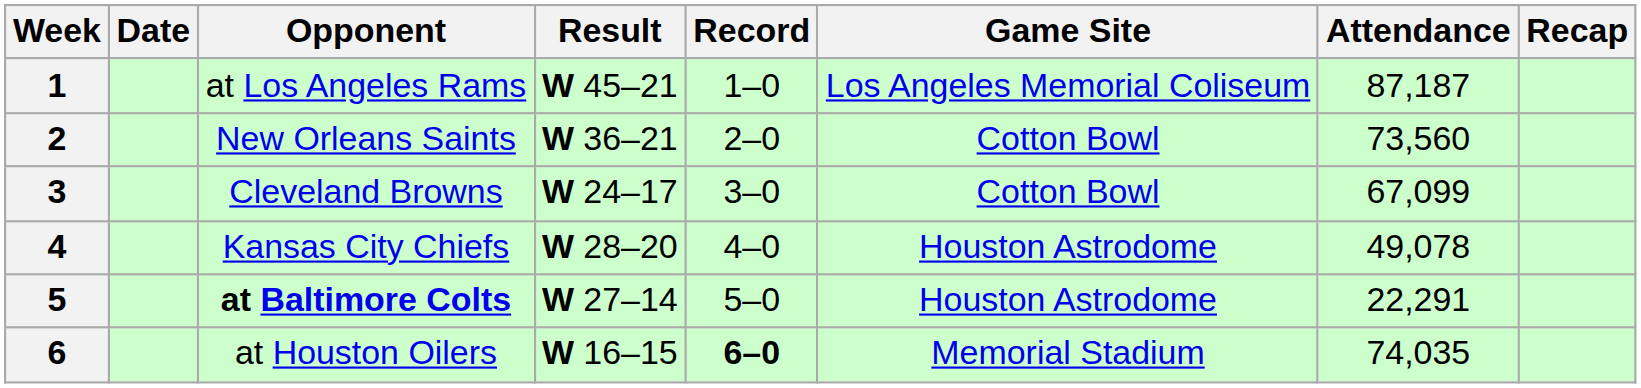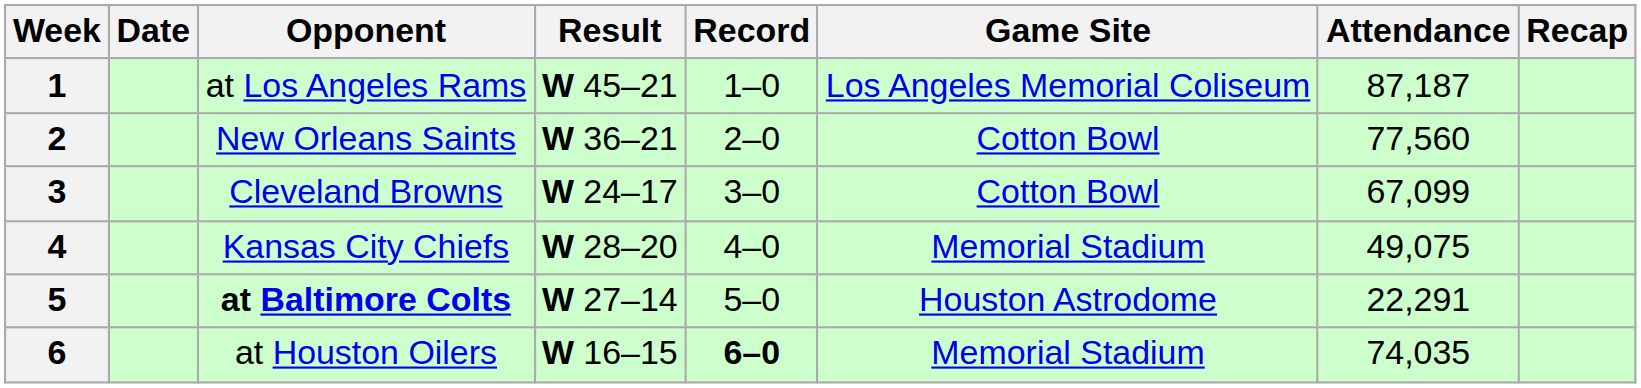 <table class="wikitable" style="text-align:center">
 <tr>
 <th>Week</th>
 <th>Date</th>
 <th>Opponent</th>
 <th>Result</th>
 <th>Record</th>
 <th>Game Site</th>
 <th>Attendance</th>
 <th>Recap</th>
 </tr>
 <tr style="background:#cfc">
 <th>1</th>
 <td></td>
 <td>at <a href='#'>Los Angeles Rams</a></td>
 <td><strong>W</strong> 45–21</td>
 <td>1–0</td>
 <td><a href='#'>Los Angeles Memorial Coliseum</a></td>
 <td>87,187</td>
 <td></td>
 </tr>
 <tr style="background:#cfc">
 <th>2</th>
 <td></td>
 <td><a href='#'>New Orleans Saints</a></td>
 <td><strong>W</strong> 36–21</td>
 <td>2–0</td>
 <td><a href='#'>Cotton Bowl</a></td>
-<td>73,560</td>
+<td>77,560</td>
 <td></td>
 </tr>
 <tr style="background:#cfc">
 <th>3</th>
 <td></td>
 <td><a href='#'>Cleveland Browns</a></td>
 <td><strong>W</strong> 24–17</td>
 <td>3–0</td>
 <td><a href='#'>Cotton Bowl</a></td>
 <td>67,099</td>
 <td></td>
 </tr>
 <tr style="background:#cfc">
 <th>4</th>
 <td></td>
 <td><a href='#'>Kansas City Chiefs</a></td>
 <td><strong>W</strong> 28–20</td>
 <td>4–0</td>
-<td><a href='#'>Houston Astrodome</a></td>
-<td>49,078</td>
+<td><a href='#'>Memorial Stadium</a></td>
+<td>49,075</td>
 <td></td>
 </tr>
 <tr style="background:#cfc">
 <th>5</th>
 <td></td>
 <td><strong>at <a href='#'>Baltimore Colts</a></strong></td>
 <td><strong>W</strong> 27–14</td>
 <td>5–0</td>
 <td><a href='#'>Houston Astrodome</a></td>
 <td>22,291</td>
 <td></td>
 </tr>
 <tr style="background:#cfc">
 <th>6</th>
 <td></td>
 <td>at <a href='#'>Houston Oilers</a></td>
 <td><strong>W</strong> 16–15</td>
 <td><strong>6–0</strong></td>
 <td><a href='#'>Memorial Stadium</a></td>
 <td>74,035</td>
 <td></td>
 </tr>
 </table>
